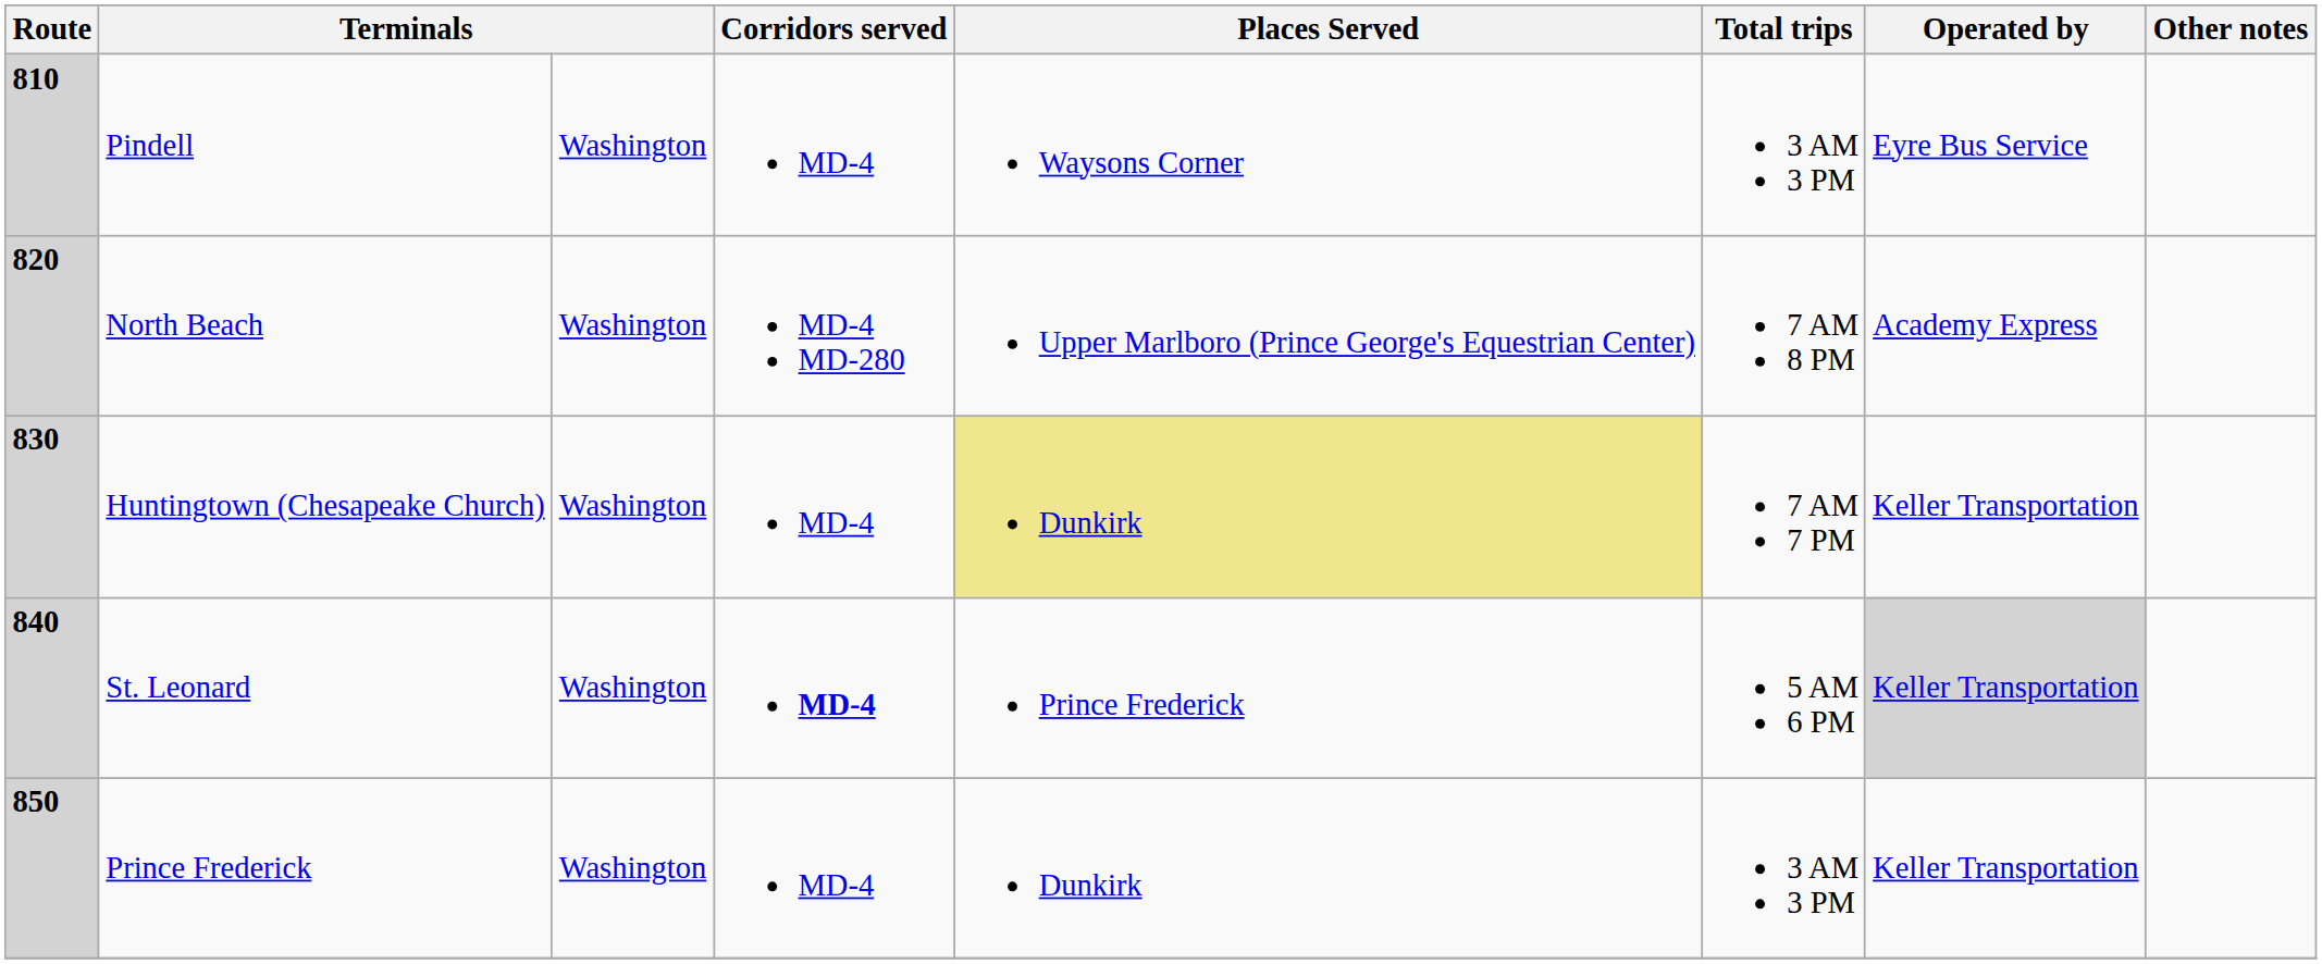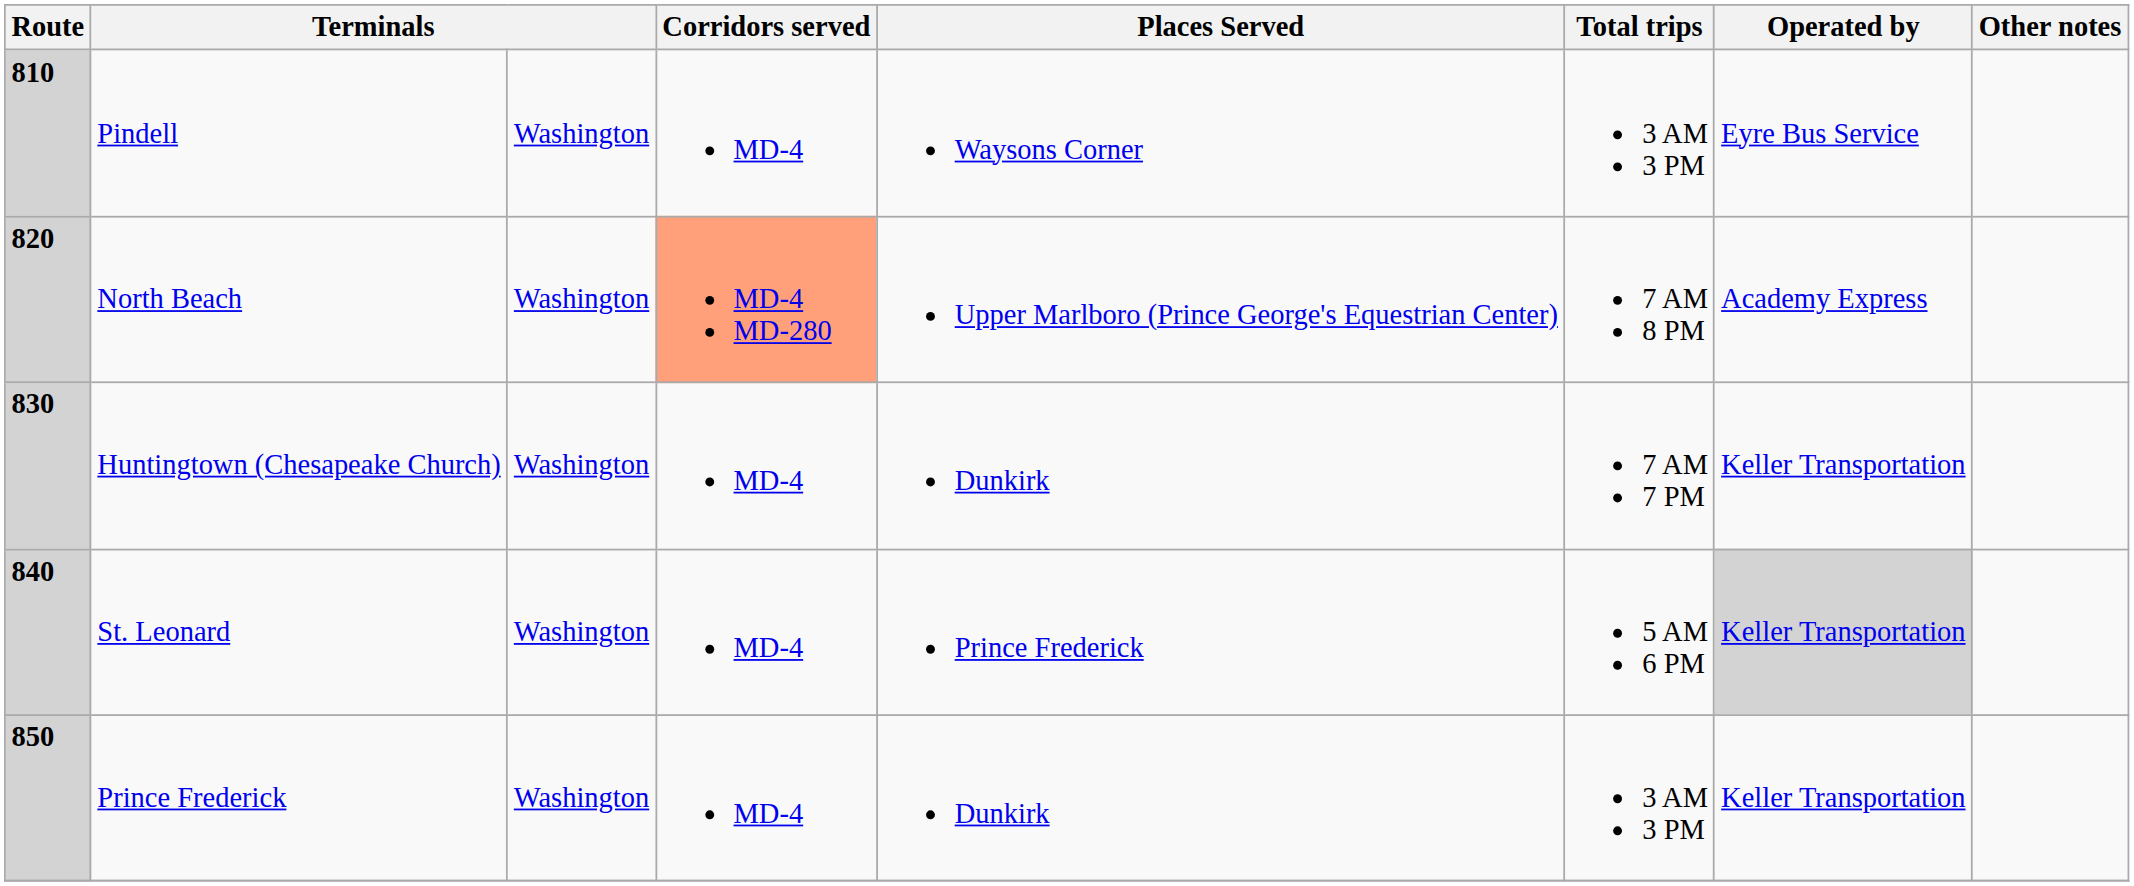 <table class="wikitable">
 <tr>
 <th>Route</th>
 <th colspan="2">Terminals</th>
 <th>Corridors served</th>
 <th>Places Served</th>
 <th>Total trips</th>
 <th>Operated by</th>
 <th>Other notes</th>
 </tr>
 <tr>
 <td style="background:lightgray; color:black; vertical-align:top"><div><strong>810</strong></div></td>
 <td><a href='#'>Pindell</a></td>
 <td><a href='#'>Washington</a></td>
 <td><br><ul><li><a href='#'>MD-4</a></li></ul></td>
 <td><br><ul><li><a href='#'>Waysons Corner</a></li></ul></td>
 <td><br><ul><li>3 AM</li><li>3 PM</li></ul></td>
 <td><a href='#'>Eyre Bus Service</a></td>
 <td></td>
 </tr>
 <tr>
 <td style="background:lightgray; color:black; vertical-align:top"><div><strong>820</strong></div></td>
 <td><a href='#'>North Beach</a></td>
 <td><a href='#'>Washington</a></td>
-<td><br><ul><li><a href='#'>MD-4</a></li><li><a href='#'>MD-280</a></li></ul></td>
+<td style="background: lightsalmon;"><br><ul><li><a href='#'>MD-4</a></li><li><a href='#'>MD-280</a></li></ul></td>
 <td><br><ul><li><a href='#'>Upper Marlboro (Prince George's Equestrian Center)</a></li></ul></td>
 <td><br><ul><li>7 AM</li><li>8 PM</li></ul></td>
 <td><a href='#'>Academy Express</a></td>
 <td></td>
 </tr>
 <tr>
 <td style="background:lightgray; color:black; vertical-align:top"><div><strong>830</strong></div></td>
 <td><a href='#'>Huntingtown (Chesapeake Church)</a></td>
 <td><a href='#'>Washington</a></td>
 <td><br><ul><li><a href='#'>MD-4</a></li></ul></td>
-<td style="background: khaki;"><br><ul><li><a href='#'>Dunkirk</a></li></ul></td>
+<td><br><ul><li><a href='#'>Dunkirk</a></li></ul></td>
 <td><br><ul><li>7 AM</li><li>7 PM</li></ul></td>
 <td><a href='#'>Keller Transportation</a></td>
 <td></td>
 </tr>
 <tr>
 <td style="background:lightgray; color:black; vertical-align:top"><div><strong>840</strong></div></td>
 <td><a href='#'>St. Leonard</a></td>
 <td><a href='#'>Washington</a></td>
-<td><strong><br><ul><li><a href='#'>MD-4</a></li></ul></strong></td>
+<td><br><ul><li><a href='#'>MD-4</a></li></ul></td>
 <td><br><ul><li><a href='#'>Prince Frederick</a></li></ul></td>
 <td><br><ul><li>5 AM</li><li>6 PM</li></ul></td>
 <td style="background: lightgrey;"><a href='#'>Keller Transportation</a></td>
 <td></td>
 </tr>
 <tr>
 <td style="background:lightgray; color:black; vertical-align:top"><div><strong>850</strong></div></td>
 <td><a href='#'>Prince Frederick</a></td>
 <td><a href='#'>Washington</a></td>
 <td><br><ul><li><a href='#'>MD-4</a></li></ul></td>
 <td><br><ul><li><a href='#'>Dunkirk</a></li></ul></td>
 <td><br><ul><li>3 AM</li><li>3 PM</li></ul></td>
 <td><a href='#'>Keller Transportation</a></td>
 <td></td>
 </tr>
 <tr>
 </tr>
 </table>
